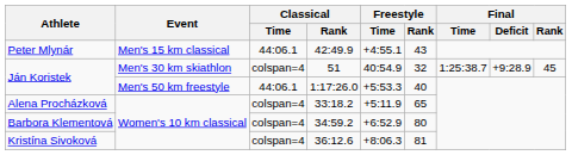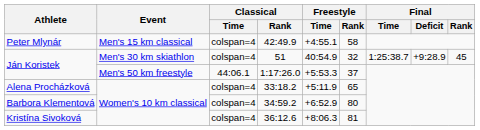 <table class="wikitable" style="font-size:90%">
 <tr>
 <th rowspan=2>Athlete</th>
 <th rowspan=2>Event</th>
 <th colspan=2>Classical</th>
 <th colspan=2>Freestyle</th>
 <th colspan=3>Final</th>
 </tr>
 <tr style="font-size: 95%">
 <th>Time</th>
 <th>Rank</th>
 <th>Time</th>
 <th>Rank</th>
 <th>Time</th>
 <th>Deficit</th>
 <th>Rank</th>
 </tr>
 <tr align=center>
 <td align=left><a href='#'>Peter Mlynár</a></td>
 <td align=left><a href='#'>Men's 15 km classical</a></td>
-<td>44:06.1</td>
+<td>colspan=4 </td>
 <td>42:49.9</td>
 <td>+4:55.1</td>
-<td>43</td>
+<td>58</td>
 </tr>
 <tr align=center>
 <td align=left rowspan=2><a href='#'>Ján Koristek</a></td>
 <td align=left><a href='#'>Men's 30 km skiathlon</a></td>
 <td>colspan=4 </td>
 <td>51</td>
 <td>40:54.9</td>
 <td>32</td>
 <td>1:25:38.7</td>
 <td>+9:28.9</td>
 <td>45</td>
 </tr>
 <tr align=center>
 <td align=left><a href='#'>Men's 50 km freestyle</a></td>
 <td>44:06.1</td>
 <td>1:17:26.0</td>
 <td>+5:53.3</td>
-<td>40</td>
+<td>37</td>
 </tr>
 <tr align=center>
 <td align=left><a href='#'>Alena Procházková</a></td>
 <td align=left rowspan=3><a href='#'>Women's 10 km classical</a></td>
 <td>colspan=4 </td>
 <td>33:18.2</td>
 <td>+5:11.9</td>
 <td>65</td>
 </tr>
 <tr align=center>
 <td align=left><a href='#'>Barbora Klementová</a></td>
 <td>colspan=4 </td>
 <td>34:59.2</td>
 <td>+6:52.9</td>
 <td>80</td>
 </tr>
 <tr align=center>
 <td align=left><a href='#'>Kristína Sivoková</a></td>
 <td>colspan=4 </td>
 <td>36:12.6</td>
 <td>+8:06.3</td>
 <td>81</td>
 </tr>
 </table>
